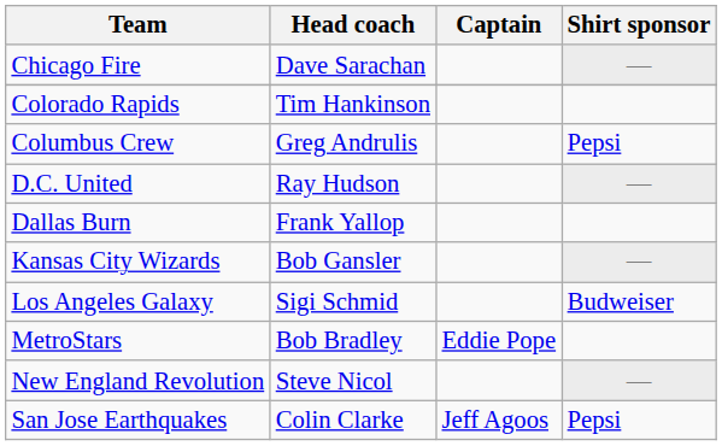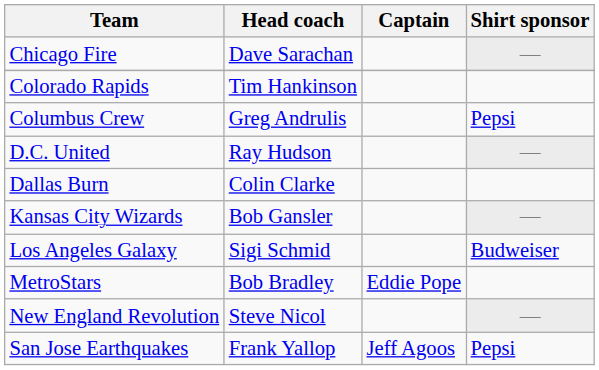 <table class="wikitable sortable" style="text-align: left;">
 <tr>
 <th>Team</th>
 <th>Head coach</th>
 <th>Captain</th>
 <th>Shirt sponsor</th>
 </tr>
 <tr>
 <td><a href='#'>Chicago Fire</a></td>
 <td> <a href='#'>Dave Sarachan</a></td>
 <td></td>
 <td align="center" colspan="1" style="background:#ececec; color:gray">—</td>
 </tr>
 <tr>
 </tr>
 <tr>
 <td><a href='#'>Colorado Rapids</a></td>
 <td> <a href='#'>Tim Hankinson</a></td>
 <td></td>
 <td></td>
 </tr>
 <tr>
 <td><a href='#'>Columbus Crew</a></td>
 <td> <a href='#'>Greg Andrulis</a></td>
 <td></td>
 <td><a href='#'>Pepsi</a></td>
 </tr>
 <tr>
 <td><a href='#'>D.C. United</a></td>
 <td> <a href='#'>Ray Hudson</a></td>
 <td></td>
 <td align="center" colspan="1" style="background:#ececec; color:gray">—</td>
 </tr>
 <tr>
 <td><a href='#'>Dallas Burn</a></td>
-<td> <a href='#'>Frank Yallop</a></td>
+<td> <a href='#'>Colin Clarke</a></td>
 <td></td>
 <td></td>
 </tr>
 <tr>
 <td><a href='#'>Kansas City Wizards</a></td>
 <td> <a href='#'>Bob Gansler</a></td>
 <td></td>
 <td align="center" colspan="1" style="background:#ececec; color:gray">—</td>
 </tr>
 <tr>
 <td><a href='#'>Los Angeles Galaxy</a></td>
 <td> <a href='#'>Sigi Schmid</a></td>
 <td></td>
 <td><a href='#'>Budweiser</a></td>
 </tr>
 <tr>
 <td><a href='#'>MetroStars</a></td>
 <td> <a href='#'>Bob Bradley</a></td>
 <td> <a href='#'>Eddie Pope</a></td>
 <td></td>
 </tr>
 <tr>
 <td><a href='#'>New England Revolution</a></td>
 <td> <a href='#'>Steve Nicol</a></td>
 <td></td>
 <td align="center" colspan="1" style="background:#ececec; color:gray">—</td>
 </tr>
 <tr>
 <td><a href='#'>San Jose Earthquakes</a></td>
-<td> <a href='#'>Colin Clarke</a></td>
+<td> <a href='#'>Frank Yallop</a></td>
 <td> <a href='#'>Jeff Agoos</a></td>
 <td><a href='#'>Pepsi</a></td>
 </tr>
 </table>
